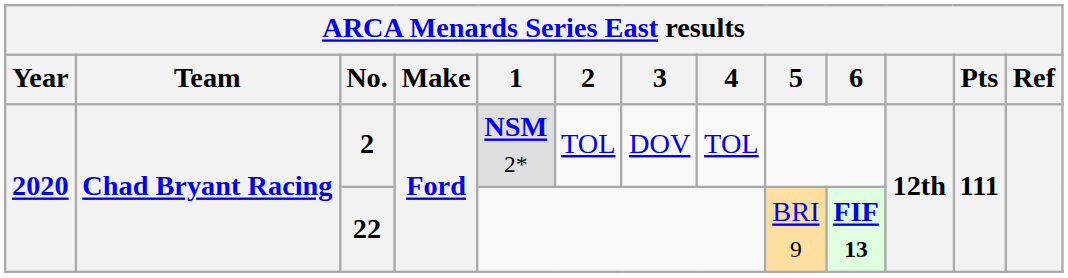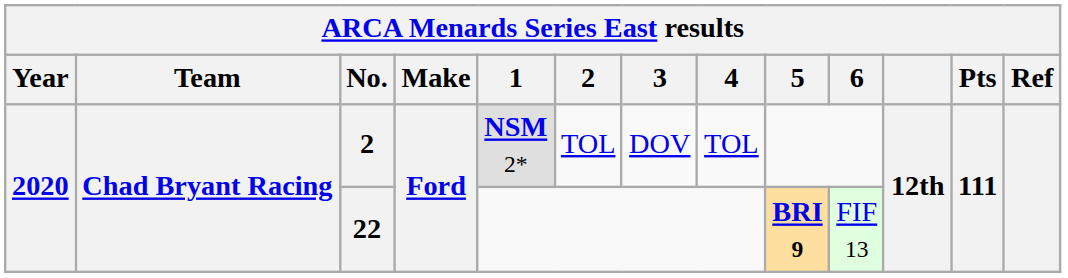 <table class="wikitable" style="text-align:center; font-size:75%">
 <tr>
 <th colspan=15><a href='#'>ARCA Menards Series East</a> results</th>
 </tr>
 <tr>
 <th>Year</th>
 <th>Team</th>
 <th>No.</th>
 <th>Make</th>
 <th>1</th>
 <th>2</th>
 <th>3</th>
 <th>4</th>
 <th>5</th>
 <th>6</th>
 <th></th>
 <th>Pts</th>
 <th>Ref</th>
 </tr>
 <tr>
 <th rowspan=2><a href='#'>2020</a></th>
 <th rowspan=2><a href='#'>Chad Bryant Racing</a></th>
 <th>2</th>
 <th rowspan=2><a href='#'>Ford</a></th>
 <td style="background:#DFDFDF;"><strong><a href='#'>NSM</a></strong><br><small>2*</small></td>
 <td><a href='#'>TOL</a></td>
 <td><a href='#'>DOV</a></td>
 <td><a href='#'>TOL</a></td>
 <td colspan=2></td>
 <th rowspan=2>12th</th>
 <th rowspan=2>111</th>
 <th rowspan=2></th>
 </tr>
 <tr>
 <th>22</th>
 <td colspan=4></td>
-<td style="background:#FFDF9F;"><a href='#'>BRI</a><br><small>9</small></td>
-<td style="background:#DFFFDF;"><strong><a href='#'>FIF</a><br><small>13</small></strong></td>
+<td style="background:#FFDF9F;"><strong><a href='#'>BRI</a><br><small>9</small></strong></td>
+<td style="background:#DFFFDF;"><a href='#'>FIF</a><br><small>13</small></td>
 </tr>
 </table>
